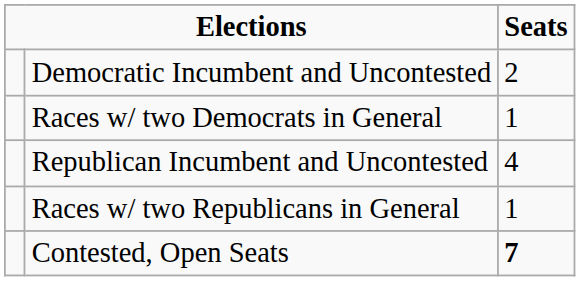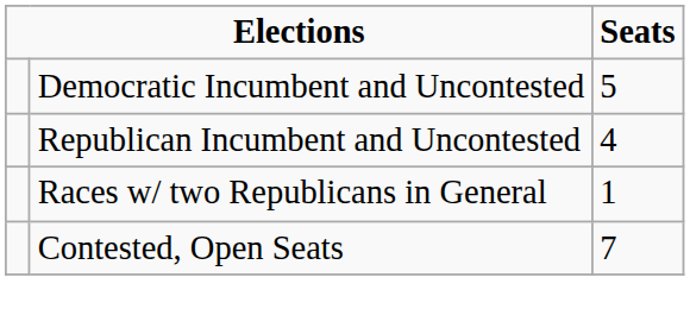 <table class="wikitable">
 <tr>
 <td colspan="2" style="text-align:center;"><strong>Elections</strong></td>
 <td style="vertical-align:top;"><strong>Seats</strong><br></td>
 </tr>
 <tr>
 <td style="background-color:"> </td>
 <td>Democratic Incumbent and Uncontested</td>
-<td>2</td>
-</tr>
-<tr>
-<td style="background-color:"> </td>
-<td>Races w/ two Democrats in General</td>
-<td>1</td>
+<td>5</td>
 </tr>
 <tr>
 <td style="background-color:"> </td>
 <td>Republican Incumbent and Uncontested</td>
 <td>4</td>
 </tr>
 <tr>
 <td style="background-color:"> </td>
 <td>Races w/ two Republicans in General</td>
 <td>1</td>
 </tr>
 <tr>
 <td style="background-color:"> </td>
 <td>Contested, Open Seats</td>
-<td><strong>7</strong></td>
+<td>7</td>
 </tr>
 </table>
